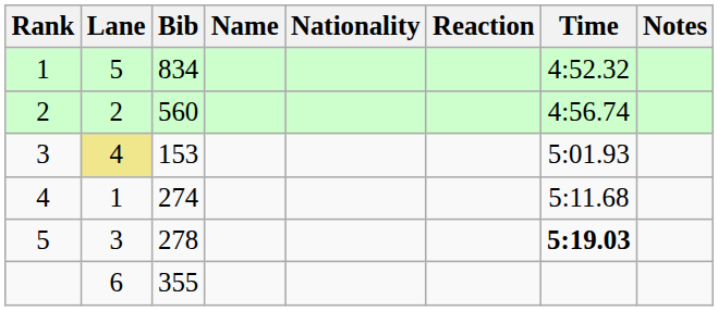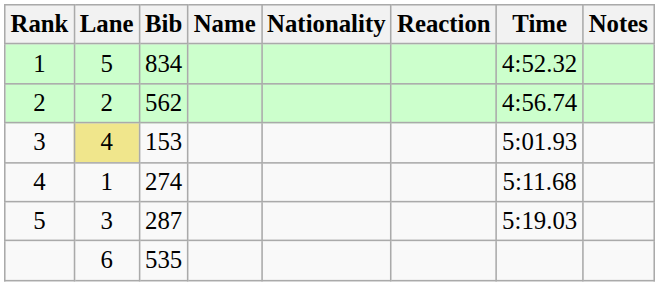 <table class="wikitable sortable" style="text-align:center">
 <tr>
 <th>Rank</th>
 <th>Lane</th>
 <th>Bib</th>
 <th>Name</th>
 <th>Nationality</th>
 <th>Reaction</th>
 <th>Time</th>
 <th>Notes</th>
 </tr>
 <tr bgcolor=ccffcc>
 <td>1</td>
 <td>5</td>
 <td>834</td>
 <td align=left></td>
 <td align=left></td>
 <td></td>
 <td>4:52.32</td>
 <td><strong></strong></td>
 </tr>
 <tr bgcolor=ccffcc>
 <td>2</td>
 <td>2</td>
-<td>560</td>
+<td>562</td>
 <td align=left></td>
 <td align=left></td>
 <td></td>
 <td>4:56.74</td>
 <td><strong></strong></td>
 </tr>
 <tr>
 <td>3</td>
 <td style="background: khaki;">4</td>
 <td>153</td>
 <td align=left></td>
 <td align=left></td>
 <td></td>
 <td>5:01.93</td>
 <td></td>
 </tr>
 <tr>
 <td>4</td>
 <td>1</td>
 <td>274</td>
 <td align=left></td>
 <td align=left></td>
 <td></td>
 <td>5:11.68</td>
 <td></td>
 </tr>
 <tr>
 <td>5</td>
 <td>3</td>
-<td>278</td>
+<td>287</td>
 <td align=left></td>
 <td align=left></td>
 <td></td>
-<td><strong>5:19.03</strong></td>
+<td>5:19.03</td>
 <td></td>
 </tr>
 <tr>
 <td></td>
 <td>6</td>
-<td>355</td>
+<td>535</td>
 <td align=left></td>
 <td align=left></td>
 <td></td>
 <td></td>
 <td><strong></strong></td>
 </tr>
 </table>
